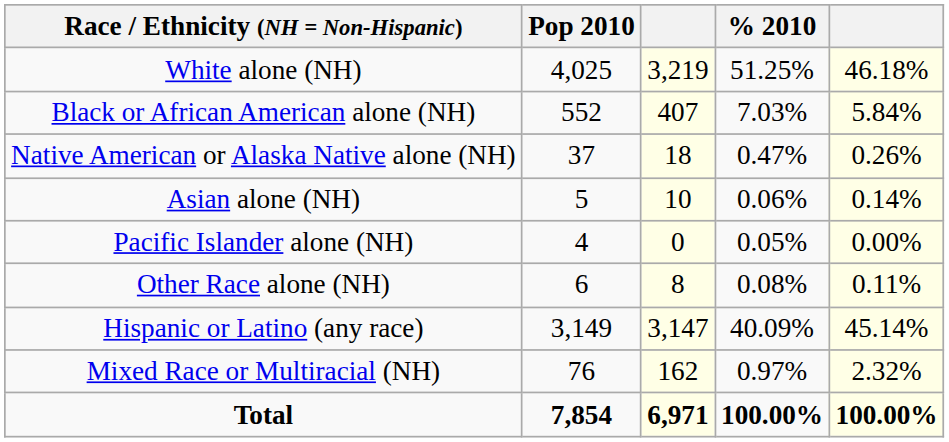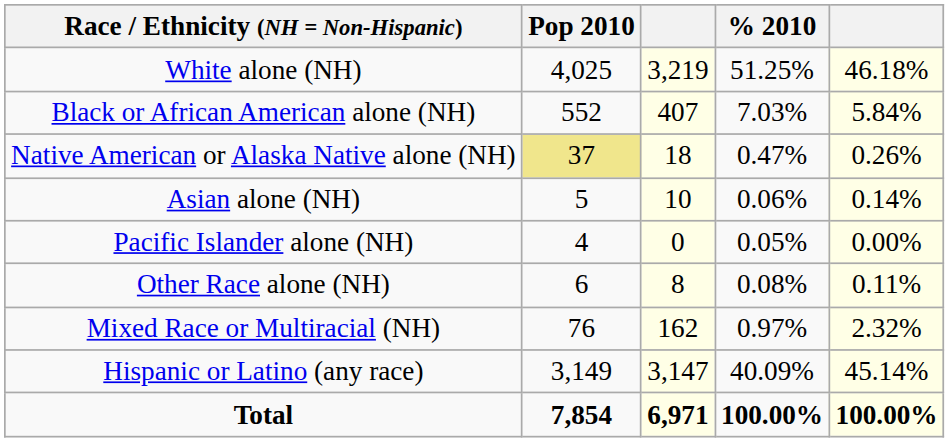 <table class="wikitable" style="text-align:center;">
 <tr>
 <th>Race / Ethnicity <small>(<em>NH = Non-Hispanic</em>)</small></th>
 <th>Pop 2010</th>
 <th></th>
 <th>% 2010</th>
 <th></th>
 </tr>
 <tr>
 <td><a href='#'>White</a> alone (NH)</td>
 <td>4,025</td>
 <td style='background: #ffffe6;'>3,219</td>
 <td>51.25%</td>
 <td style='background: #ffffe6;'>46.18%</td>
 </tr>
 <tr>
 <td><a href='#'>Black or African American</a> alone (NH)</td>
 <td>552</td>
 <td style='background: #ffffe6;'>407</td>
 <td>7.03%</td>
 <td style='background: #ffffe6;'>5.84%</td>
 </tr>
 <tr>
 <td><a href='#'>Native American</a> or <a href='#'>Alaska Native</a> alone (NH)</td>
-<td>37</td>
+<td style="background: khaki;">37</td>
 <td style='background: #ffffe6;'>18</td>
 <td>0.47%</td>
 <td style='background: #ffffe6;'>0.26%</td>
 </tr>
 <tr>
 <td><a href='#'>Asian</a> alone (NH)</td>
 <td>5</td>
 <td style='background: #ffffe6;'>10</td>
 <td>0.06%</td>
 <td style='background: #ffffe6;'>0.14%</td>
 </tr>
 <tr>
 <td><a href='#'>Pacific Islander</a> alone (NH)</td>
 <td>4</td>
 <td style='background: #ffffe6;'>0</td>
 <td>0.05%</td>
 <td style='background: #ffffe6;'>0.00%</td>
 </tr>
 <tr>
 <td><a href='#'>Other Race</a> alone (NH)</td>
 <td>6</td>
 <td style='background: #ffffe6;'>8</td>
 <td>0.08%</td>
 <td style='background: #ffffe6;'>0.11%</td>
 </tr>
 <tr>
+<td><a href='#'>Mixed Race or Multiracial</a> (NH)</td>
+<td>76</td>
+<td style='background: #ffffe6;'>162</td>
+<td>0.97%</td>
+<td style='background: #ffffe6;'>2.32%</td>
+</tr>
+<tr>
 <td><a href='#'>Hispanic or Latino</a> (any race)</td>
 <td>3,149</td>
 <td style='background: #ffffe6;'>3,147</td>
 <td>40.09%</td>
 <td style='background: #ffffe6;'>45.14%</td>
-</tr>
-<tr>
-<td><a href='#'>Mixed Race or Multiracial</a> (NH)</td>
-<td>76</td>
-<td style='background: #ffffe6;'>162</td>
-<td>0.97%</td>
-<td style='background: #ffffe6;'>2.32%</td>
 </tr>
 <tr>
 <td><strong>Total</strong></td>
 <td><strong>7,854</strong></td>
 <td style='background: #ffffe6;'><strong>6,971</strong></td>
 <td><strong>100.00%</strong></td>
 <td style='background: #ffffe6;'><strong>100.00%</strong></td>
 </tr>
 </table>
